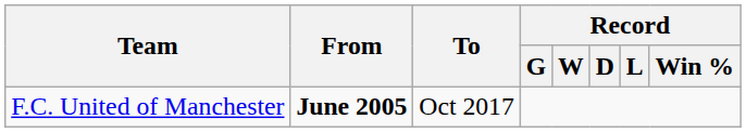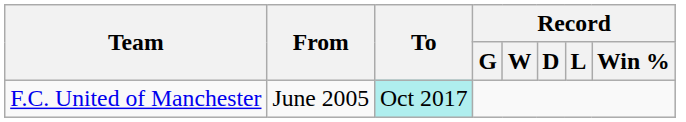 <table class="wikitable" style="text-align: center">
 <tr>
 <th rowspan="2">Team</th>
 <th rowspan="2">From</th>
 <th rowspan="2">To</th>
 <th colspan="5">Record</th>
 </tr>
 <tr>
 <th>G</th>
 <th>W</th>
 <th>D</th>
 <th>L</th>
 <th>Win %</th>
 </tr>
 <tr>
 <td align=left><a href='#'>F.C. United of Manchester</a></td>
-<td align=left><strong>June 2005</strong></td>
-<td align=left>Oct 2017<br></td>
+<td align=left>June 2005</td>
+<td align=left style="background: paleturquoise;">Oct 2017<br></td>
 </tr>
 </table>
